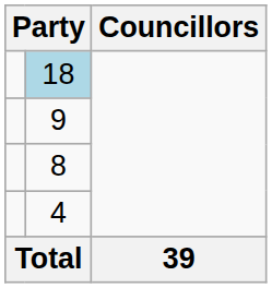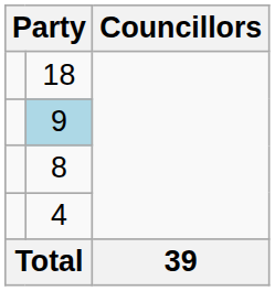 <table class="wikitable">
 <tr>
 <th colspan=2>Party</th>
 <th>Councillors</th>
 </tr>
 <tr>
 <td></td>
-<td align=center style="background: lightblue;">18</td>
+<td align=center>18</td>
 </tr>
 <tr>
 <td></td>
-<td align=center>9</td>
+<td align=center style="background: lightblue;">9</td>
 </tr>
 <tr>
 <td></td>
 <td align=center>8</td>
 </tr>
 <tr>
 <td></td>
 <td align=center>4</td>
 </tr>
 <tr>
 <th colspan=2>Total</th>
 <th align=center>39</th>
 </tr>
 </table>
